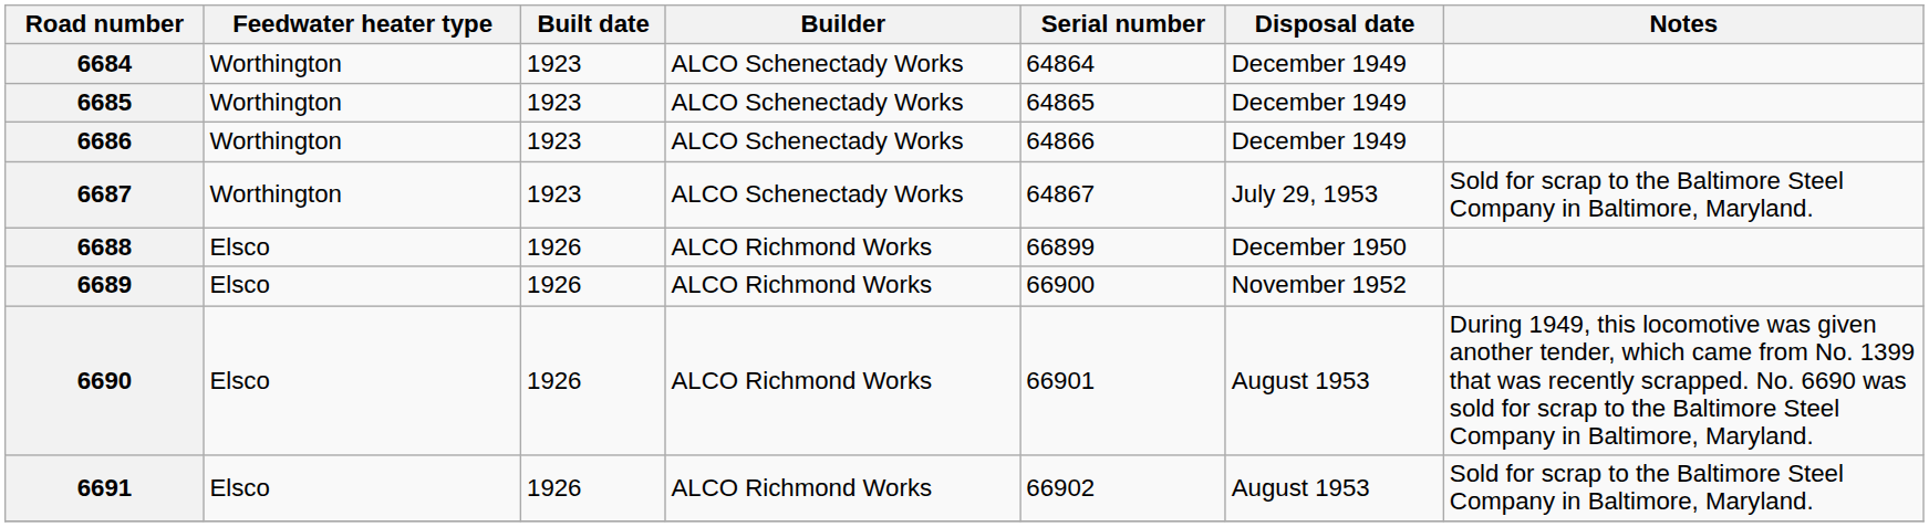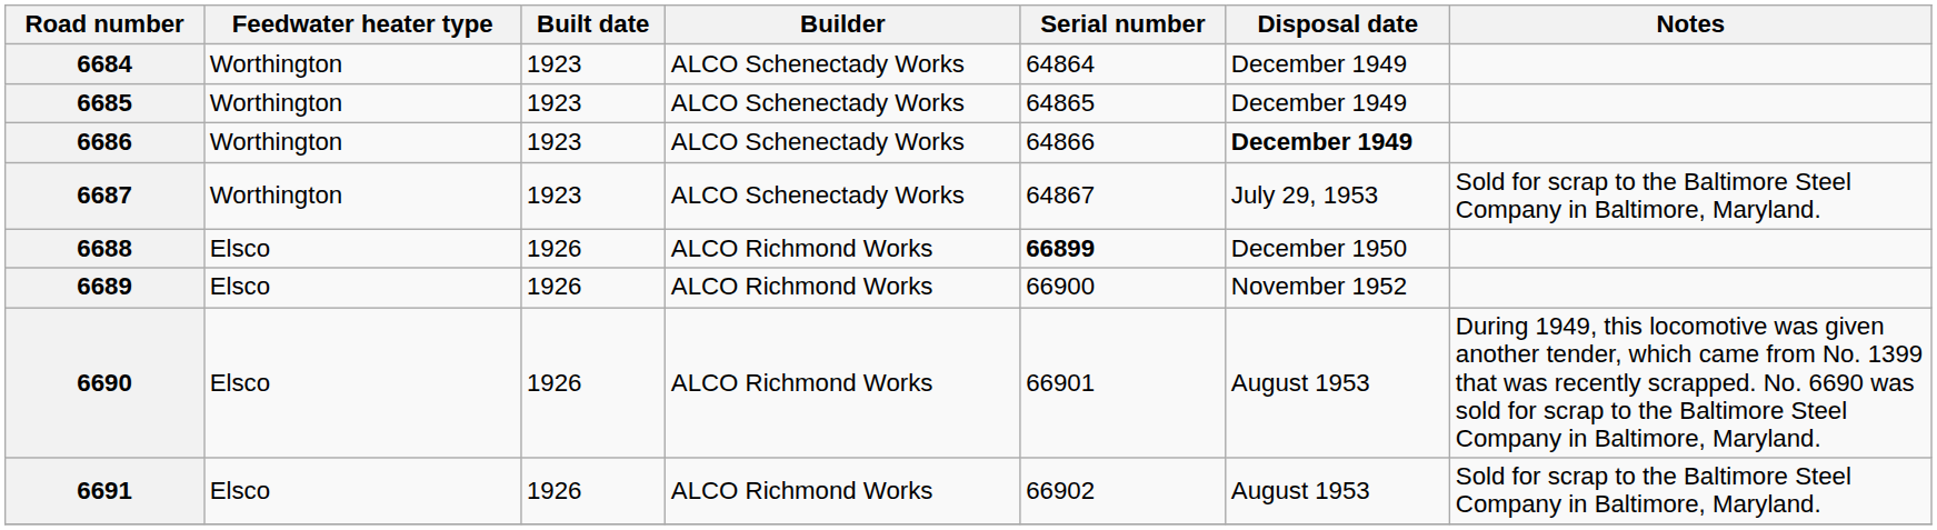 <table class="wikitable sortable">
 <tr>
 <th scope="col">Road number</th>
 <th scope="col">Feedwater heater type</th>
 <th scope="col">Built date</th>
 <th scope="col">Builder</th>
 <th scope="col">Serial number</th>
 <th scope="col">Disposal date</th>
 <th scope="col" style="width:25%;">Notes</th>
 </tr>
 <tr>
 <th scope="row">6684</th>
 <td>Worthington</td>
 <td>1923</td>
 <td>ALCO Schenectady Works</td>
 <td>64864</td>
 <td>December 1949</td>
 <td></td>
 </tr>
 <tr>
 <th scope="row">6685</th>
 <td>Worthington</td>
 <td>1923</td>
 <td>ALCO Schenectady Works</td>
 <td>64865</td>
 <td>December 1949</td>
 <td></td>
 </tr>
 <tr>
 <th scope="row">6686</th>
 <td>Worthington</td>
 <td>1923</td>
 <td>ALCO Schenectady Works</td>
 <td>64866</td>
-<td>December 1949</td>
+<td><strong>December 1949</strong></td>
 <td></td>
 </tr>
 <tr>
 <th scope="row">6687</th>
 <td>Worthington</td>
 <td>1923</td>
 <td>ALCO Schenectady Works</td>
 <td>64867</td>
 <td>July 29, 1953</td>
 <td>Sold for scrap to the Baltimore Steel Company in Baltimore, Maryland.</td>
 </tr>
 <tr>
 <th scope="row">6688</th>
 <td>Elsco</td>
 <td>1926</td>
 <td>ALCO Richmond Works</td>
-<td>66899</td>
+<td><strong>66899</strong></td>
 <td>December 1950</td>
 <td></td>
 </tr>
 <tr>
 <th scope="row">6689</th>
 <td>Elsco</td>
 <td>1926</td>
 <td>ALCO Richmond Works</td>
 <td>66900</td>
 <td>November 1952</td>
 <td></td>
 </tr>
 <tr>
 <th scope="row">6690</th>
 <td>Elsco</td>
 <td>1926</td>
 <td>ALCO Richmond Works</td>
 <td>66901</td>
 <td>August 1953</td>
 <td>During 1949, this locomotive was given another tender, which came from No. 1399 that was recently scrapped. No. 6690 was sold for scrap to the Baltimore Steel Company in Baltimore, Maryland.</td>
 </tr>
 <tr>
 <th scope="row">6691</th>
 <td>Elsco</td>
 <td>1926</td>
 <td>ALCO Richmond Works</td>
 <td>66902</td>
 <td>August 1953</td>
 <td>Sold for scrap to the Baltimore Steel Company in Baltimore, Maryland.</td>
 </tr>
 <tr>
 </tr>
 </table>
